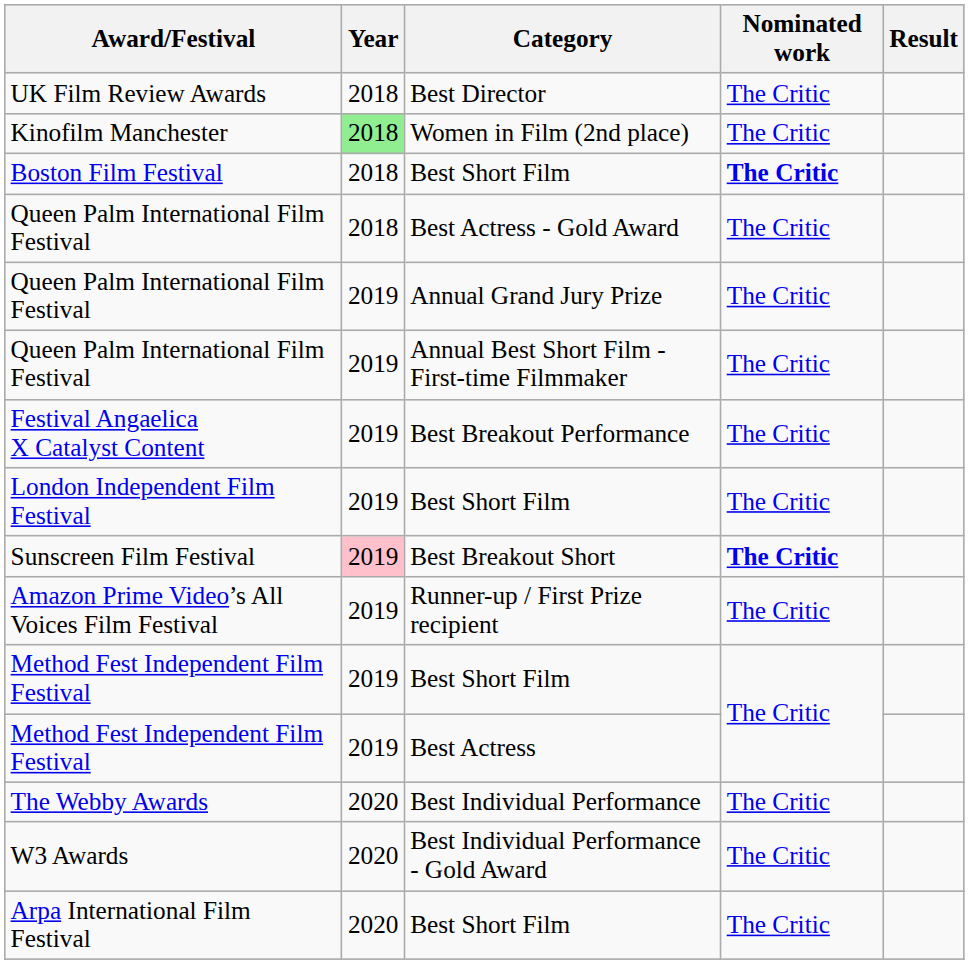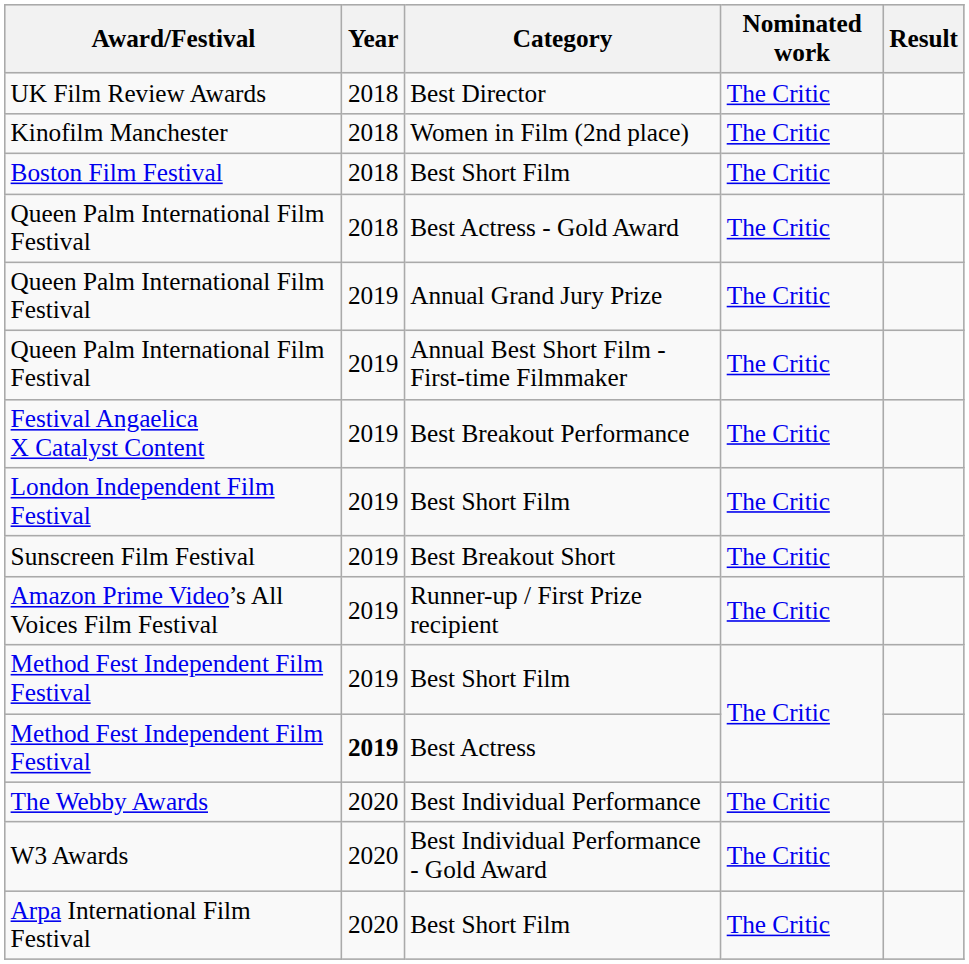 <table class="wikitable sortable plainrowheaders">
 <tr>
 <th scope="col">Award/Festival</th>
 <th scope="col">Year</th>
 <th scope="col">Category</th>
 <th scope="col">Nominated work</th>
 <th scope="col">Result</th>
 </tr>
 <tr>
 <td>UK Film Review Awards</td>
 <td>2018</td>
 <td>Best Director</td>
 <td><a href='#'>The Critic</a></td>
 <td></td>
 </tr>
 <tr>
 <td>Kinofilm Manchester</td>
-<td style="background: lightgreen;">2018</td>
+<td>2018</td>
 <td>Women in Film (2nd place)</td>
 <td><a href='#'>The Critic</a></td>
 <td></td>
 </tr>
 <tr>
 <td><a href='#'>Boston Film Festival</a></td>
 <td>2018</td>
 <td>Best Short Film</td>
-<td><strong><a href='#'>The Critic</a></strong></td>
+<td><a href='#'>The Critic</a></td>
 <td></td>
 </tr>
 <tr>
 <td>Queen Palm International Film Festival</td>
 <td>2018</td>
 <td>Best Actress - Gold Award</td>
 <td><a href='#'>The Critic</a></td>
 <td></td>
 </tr>
 <tr>
 <td>Queen Palm International Film Festival</td>
 <td>2019</td>
 <td>Annual Grand Jury Prize</td>
 <td><a href='#'>The Critic</a></td>
 <td></td>
 </tr>
 <tr>
 <td>Queen Palm International Film Festival</td>
 <td>2019</td>
 <td>Annual Best Short Film - First-time Filmmaker</td>
 <td><a href='#'>The Critic</a></td>
 <td></td>
 </tr>
 <tr>
 <td><a href='#'>Festival Angaelica</a><br><a href='#'>X Catalyst Content</a></td>
 <td>2019</td>
 <td>Best Breakout Performance</td>
 <td><a href='#'>The Critic</a></td>
 <td></td>
 </tr>
 <tr>
 <td><a href='#'>London Independent Film Festival</a></td>
 <td>2019</td>
 <td>Best Short Film</td>
 <td><a href='#'>The Critic</a></td>
 <td></td>
 </tr>
 <tr>
 <td>Sunscreen Film Festival</td>
-<td style="background: pink;">2019</td>
+<td>2019</td>
 <td>Best Breakout Short</td>
-<td><strong><a href='#'>The Critic</a></strong></td>
+<td><a href='#'>The Critic</a></td>
 <td></td>
 </tr>
 <tr>
 <td><a href='#'>Amazon Prime Video</a>’s All Voices Film Festival</td>
 <td>2019</td>
 <td>Runner-up / First Prize recipient</td>
 <td><a href='#'>The Critic</a></td>
 <td></td>
 </tr>
 <tr>
 <td><a href='#'>Method Fest Independent Film Festival</a></td>
 <td>2019</td>
 <td>Best Short Film</td>
 <td rowspan="2"><a href='#'>The Critic</a></td>
 <td></td>
 </tr>
 <tr>
 <td><a href='#'>Method Fest Independent Film Festival</a></td>
-<td>2019</td>
+<td><strong>2019</strong></td>
 <td>Best Actress</td>
 <td></td>
 </tr>
 <tr>
 <td><a href='#'>The Webby Awards</a></td>
 <td>2020</td>
 <td>Best Individual Performance</td>
 <td><a href='#'>The Critic</a></td>
 <td></td>
 </tr>
 <tr>
 <td>W3 Awards</td>
 <td>2020</td>
 <td>Best Individual Performance - Gold Award</td>
 <td><a href='#'>The Critic</a></td>
 <td></td>
 </tr>
 <tr>
 <td><a href='#'>Arpa</a> International Film Festival</td>
 <td>2020</td>
 <td>Best Short Film</td>
 <td><a href='#'>The Critic</a></td>
 <td></td>
 </tr>
 </table>
